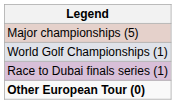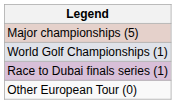 <table class="wikitable" style="font-size:95%;">
 <tr>
 <th>Legend</th>
 </tr>
 <tr style="background:#e5d1cb;">
 <td>Major championships (5)</td>
 </tr>
 <tr style="background:#dfe2e9">
 <td>World Golf Championships (1)</td>
 </tr>
 <tr style="background:thistle;">
 <td>Race to Dubai finals series (1)</td>
 </tr>
 <tr>
-<td><strong>Other European Tour (0)</strong></td>
+<td>Other European Tour (0)</td>
 </tr>
 </table>
